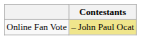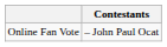 <table class="wikitable"  style="font-size: 85%;">
 <tr style="background:#CCCCCC; text-align:center">
 <th></th>
 <th>Contestants</th>
 </tr>
 <tr>
 <td>Online Fan Vote</td>
-<td style="background: khaki;"> – John Paul Ocat</td>
+<td> – John Paul Ocat</td>
 </tr>
 </table>
